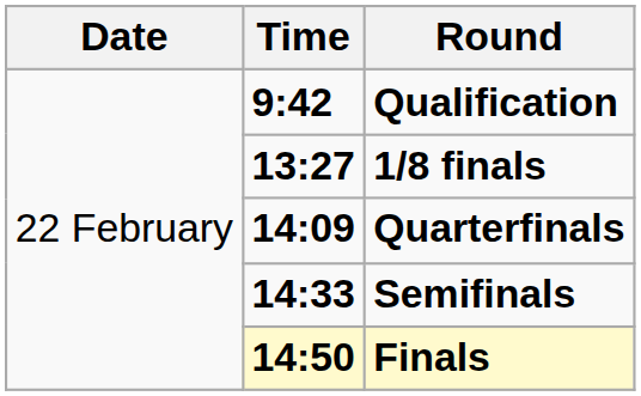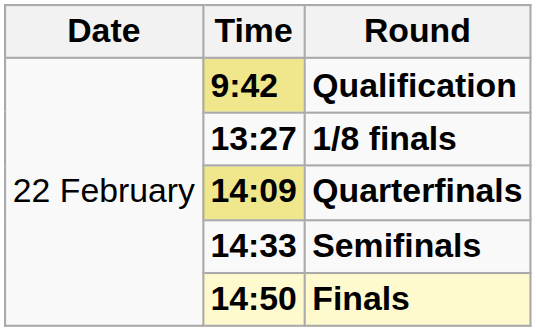 <table class="wikitable">
 <tr>
 <th>Date</th>
 <th>Time</th>
 <th>Round</th>
 </tr>
 <tr>
 <td rowspan=5>22 February</td>
-<td><strong>9:42</strong></td>
+<td style="background: khaki;"><strong>9:42</strong></td>
 <td><strong>Qualification</strong></td>
 </tr>
 <tr>
 <td><strong>13:27</strong></td>
 <td><strong>1/8 finals</strong></td>
 </tr>
 <tr>
-<td><strong>14:09</strong></td>
+<td style="background: khaki;"><strong>14:09</strong></td>
 <td><strong>Quarterfinals</strong></td>
 </tr>
 <tr>
 <td><strong>14:33</strong></td>
 <td><strong>Semifinals</strong></td>
 </tr>
 <tr style=background:lemonchiffon>
 <td><strong>14:50</strong></td>
 <td><strong>Finals</strong></td>
 </tr>
 </table>
